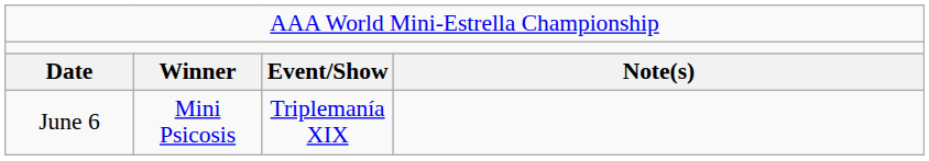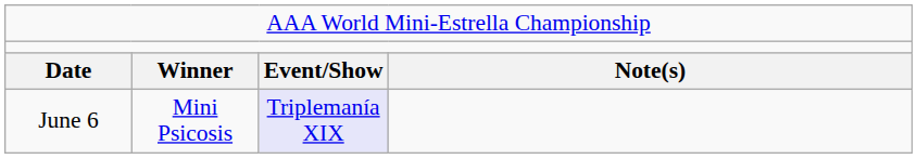 <table class="wikitable" style="text-align:center; width:100%;">
 <tr>
 <td colspan="5"><a href='#'>AAA World Mini-Estrella Championship</a></td>
 </tr>
 <tr>
 <td colspan="5"><strong></strong></td>
 </tr>
 <tr>
 <th width="14%">Date</th>
 <th width="14%">Winner</th>
 <th width="14%">Event/Show</th>
 <th width="58%">Note(s)</th>
 </tr>
 <tr>
 <td>June 6</td>
 <td><a href='#'>Mini Psicosis</a></td>
-<td><a href='#'>Triplemanía XIX</a></td>
+<td style="background: lavender;"><a href='#'>Triplemanía XIX</a></td>
 <td align="left"></td>
 </tr>
 </table>
